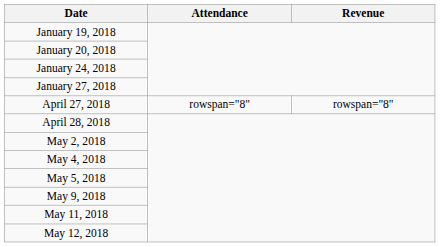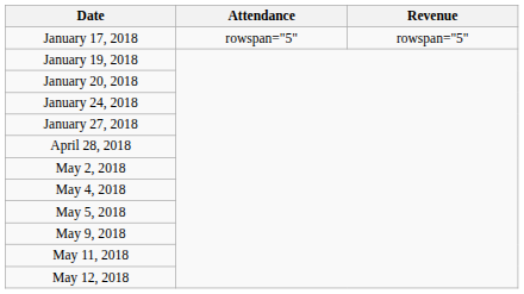 <table class="wikitable plainrowheaders" style="text-align:center;">
 <tr>
 <th scope="col" style="width:12em;">Date</th>
 <th scope="col" style="width:12em;">Attendance</th>
 <th scope="col" style="width:12em;">Revenue</th>
+</tr>
+<tr>
+<td>January 17, 2018</td>
+<td>rowspan="5" </td>
+<td>rowspan="5" </td>
 </tr>
 <tr>
 <td>January 19, 2018</td>
 </tr>
 <tr>
 <td>January 20, 2018</td>
 </tr>
 <tr>
 <td>January 24, 2018</td>
 </tr>
 <tr>
 <td>January 27, 2018</td>
-</tr>
-<tr>
-<td>April 27, 2018</td>
-<td>rowspan="8" </td>
-<td>rowspan="8" </td>
 </tr>
 <tr>
 <td>April 28, 2018</td>
 </tr>
 <tr>
 <td>May 2, 2018</td>
 </tr>
 <tr>
 <td>May 4, 2018</td>
 </tr>
 <tr>
 <td>May 5, 2018</td>
 </tr>
 <tr>
 <td>May 9, 2018</td>
 </tr>
 <tr>
 <td>May 11, 2018</td>
 </tr>
 <tr>
 <td>May 12, 2018</td>
 </tr>
 </table>
